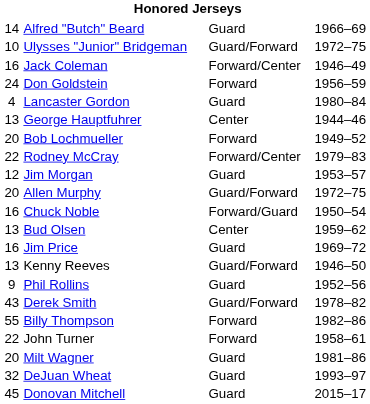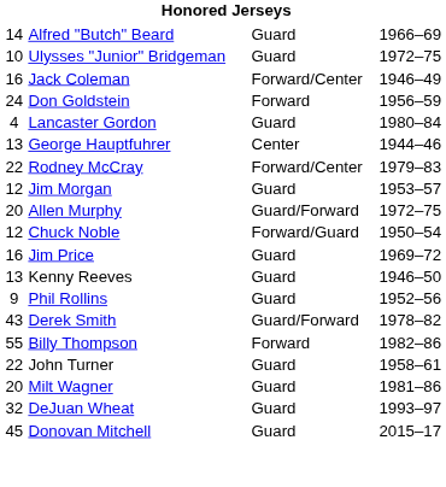 <table class="toccolours sortable" style="width:450px;">
 <tr>
 <th colspan="4" style="text-align:center; "><strong>Honored Jerseys</strong></th>
 </tr>
 <tr>
 </tr>
 <tr>
 <td style="text-align:center;">14</td>
 <td><a href='#'>Alfred "Butch" Beard</a></td>
 <td>Guard</td>
 <td>1966–69</td>
 </tr>
 <tr>
 <td style="text-align:center;">10</td>
 <td><a href='#'>Ulysses "Junior" Bridgeman</a></td>
-<td>Guard/Forward</td>
+<td>Guard</td>
 <td>1972–75</td>
 </tr>
 <tr>
 <td style="text-align:center;">16</td>
 <td><a href='#'>Jack Coleman</a></td>
 <td>Forward/Center</td>
 <td>1946–49</td>
 </tr>
 <tr>
 <td style="text-align:center;">24</td>
 <td><a href='#'>Don Goldstein</a></td>
 <td>Forward</td>
 <td>1956–59</td>
 </tr>
 <tr>
 <td style="text-align:center;">4</td>
 <td><a href='#'>Lancaster Gordon</a></td>
 <td>Guard</td>
 <td>1980–84</td>
 </tr>
 <tr>
 <td style="text-align:center;">13</td>
 <td><a href='#'>George Hauptfuhrer</a></td>
 <td>Center</td>
 <td>1944–46</td>
 </tr>
 <tr>
-<td style="text-align:center;">20</td>
-<td><a href='#'>Bob Lochmueller</a></td>
-<td>Forward</td>
-<td>1949–52</td>
-</tr>
-<tr>
 <td style="text-align:center;">22</td>
 <td><a href='#'>Rodney McCray</a></td>
 <td>Forward/Center</td>
 <td>1979–83</td>
 </tr>
 <tr>
 <td style="text-align:center;">12</td>
 <td><a href='#'>Jim Morgan</a></td>
 <td>Guard</td>
 <td>1953–57</td>
 </tr>
 <tr>
 <td style="text-align:center;">20</td>
 <td><a href='#'>Allen Murphy</a></td>
 <td>Guard/Forward</td>
 <td>1972–75</td>
 </tr>
 <tr>
-<td style="text-align:center;">16</td>
+<td style="text-align:center;">12</td>
 <td><a href='#'>Chuck Noble</a></td>
 <td>Forward/Guard</td>
 <td>1950–54</td>
-</tr>
-<tr>
-<td style="text-align:center;">13</td>
-<td><a href='#'>Bud Olsen</a></td>
-<td>Center</td>
-<td>1959–62</td>
 </tr>
 <tr>
 <td style="text-align:center;">16</td>
 <td><a href='#'>Jim Price</a></td>
 <td>Guard</td>
 <td>1969–72</td>
 </tr>
 <tr>
 <td style="text-align:center;">13</td>
 <td>Kenny Reeves</td>
-<td>Guard/Forward</td>
+<td>Guard</td>
 <td>1946–50</td>
 </tr>
 <tr>
 <td style="text-align:center;">9</td>
 <td><a href='#'>Phil Rollins</a></td>
 <td>Guard</td>
 <td>1952–56</td>
 </tr>
 <tr>
 <td style="text-align:center;">43</td>
 <td><a href='#'>Derek Smith</a></td>
 <td>Guard/Forward</td>
 <td>1978–82</td>
 </tr>
 <tr>
 <td style="text-align:center;">55</td>
 <td><a href='#'>Billy Thompson</a></td>
 <td>Forward</td>
 <td>1982–86</td>
 </tr>
 <tr>
 <td style="text-align:center;">22</td>
 <td>John Turner</td>
-<td>Forward</td>
+<td>Guard</td>
 <td>1958–61</td>
 </tr>
 <tr>
 <td style="text-align:center;">20</td>
 <td><a href='#'>Milt Wagner</a></td>
 <td>Guard</td>
 <td>1981–86</td>
 </tr>
 <tr>
 <td style="text-align:center;">32</td>
 <td><a href='#'>DeJuan Wheat</a></td>
 <td>Guard</td>
 <td>1993–97</td>
 </tr>
 <tr>
 <td style="text-align:center;">45</td>
 <td><a href='#'>Donovan Mitchell</a></td>
 <td>Guard</td>
 <td>2015–17</td>
 </tr>
 </table>
